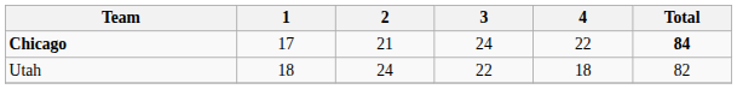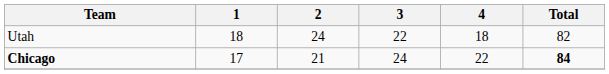 <table class="wikitable">
 <tr style="text-align:center;">
 <th align="left" width="14%">Team</th>
 <th width="6%">1</th>
 <th width="6%">2</th>
 <th width="6%">3</th>
 <th width="6%">4</th>
 <th width="6%">Total</th>
 </tr>
 <tr style="text-align:center;">
+<td align=left>Utah</td>
+<td>18</td>
+<td>24</td>
+<td>22</td>
+<td>18</td>
+<td>82</td>
+</tr>
+<tr style="text-align:center;">
 <td align=left><strong>Chicago</strong></td>
 <td>17</td>
 <td>21</td>
 <td>24</td>
 <td>22</td>
 <td><strong>84</strong></td>
 </tr>
 <tr style="text-align:center;">
-<td align=left>Utah</td>
-<td>18</td>
-<td>24</td>
-<td>22</td>
-<td>18</td>
-<td>82</td>
-</tr>
-<tr style="text-align:center;">
 </tr>
 </table>
